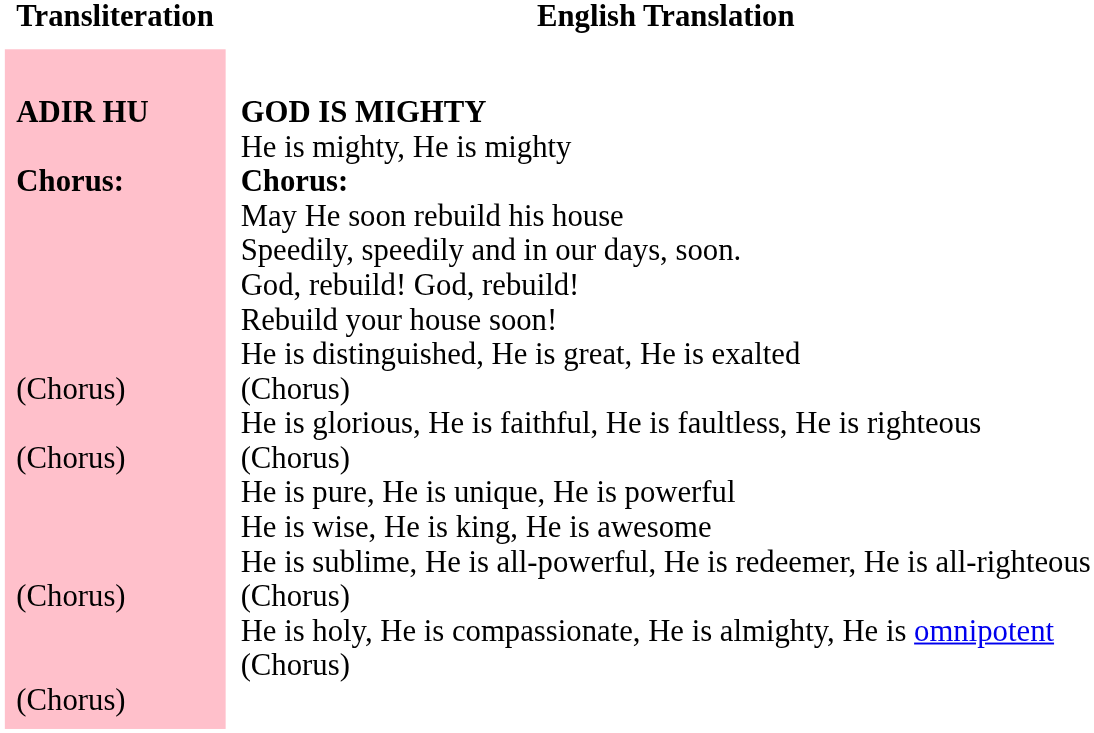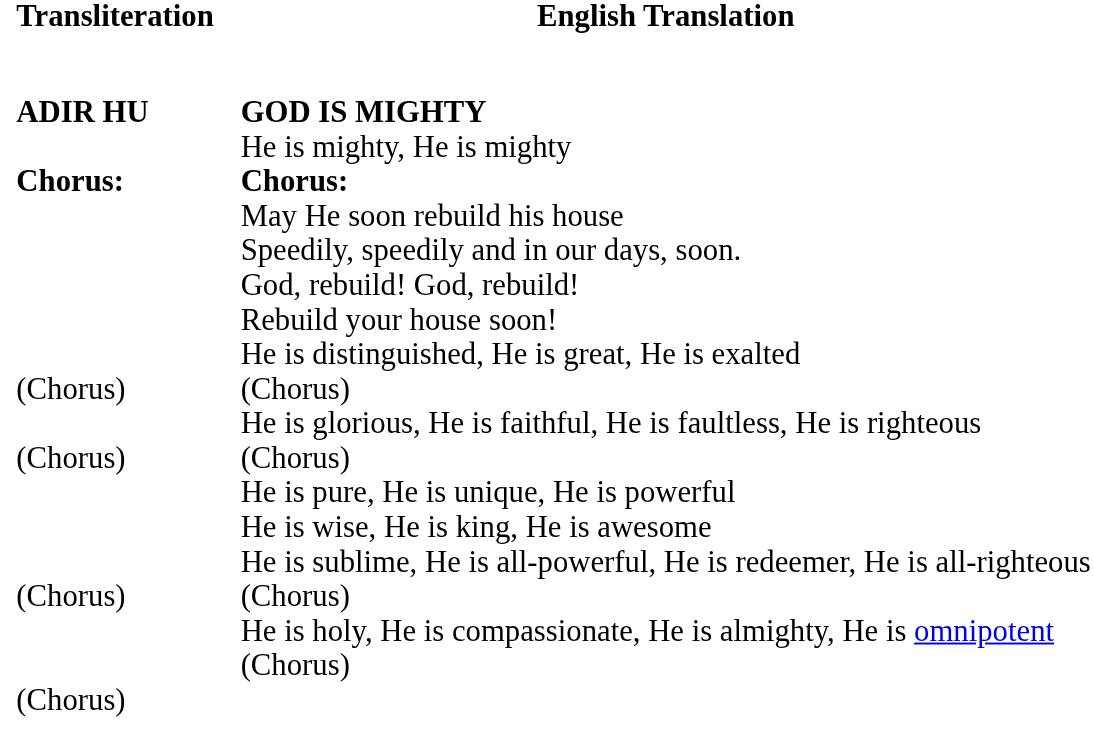 <table cellpadding=6>
 <tr>
 <th>Transliteration</th>
 <th>English Translation</th>
 </tr>
 <tr style="vertical-align:top; white-space:nowrap;">
-<td style="background: pink;"><br><strong>ADIR HU</strong><br><br><strong>Chorus:</strong><br> <br> <br>  <br> <br> <br> (Chorus)<br> <br> (Chorus)<br><br> <br> <br> (Chorus)<br><br>  <br> (Chorus)</td>
+<td><br><strong>ADIR HU</strong><br><br><strong>Chorus:</strong><br> <br> <br>  <br> <br> <br> (Chorus)<br> <br> (Chorus)<br><br> <br> <br> (Chorus)<br><br>  <br> (Chorus)</td>
 <td><br><strong>GOD IS MIGHTY</strong><br>He is mighty, He is mighty<br><strong>Chorus:</strong><br> May He soon rebuild his house<br> Speedily, speedily and in our days, soon.<br> God, rebuild! God, rebuild!<br> Rebuild your house soon!<br>He is distinguished, He is great, He is exalted<br> (Chorus)<br>He is glorious, He is faithful, He is faultless, He is righteous<br> (Chorus)<br>He is pure, He is unique, He is powerful<br> He is wise, He is king, He is awesome<br> He is sublime, He is all-powerful, He is redeemer, He is all-righteous<br> (Chorus)<br>He is holy, He is compassionate, He is almighty, He is <a href='#'>omnipotent</a><br> (Chorus)</td>
 </tr>
 </table>
